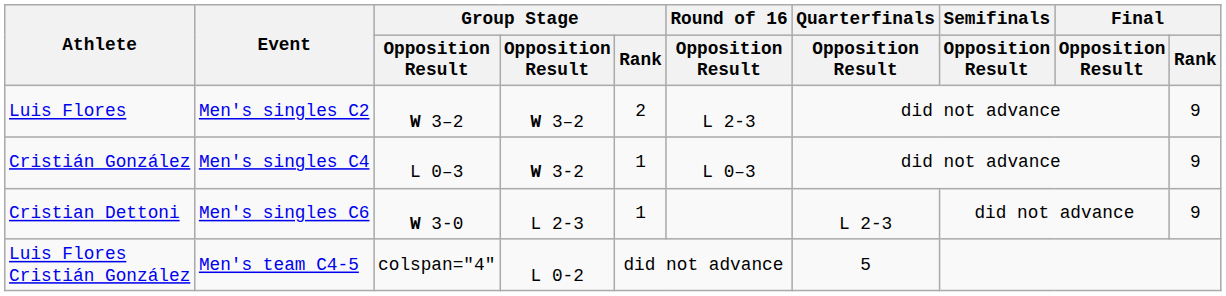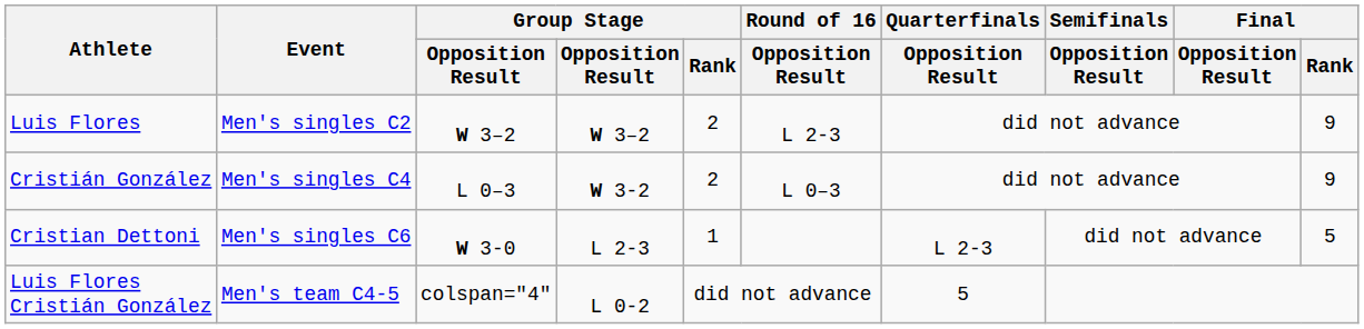 <table class=wikitable style="font-size:90%">
 <tr>
 <th rowspan="2">Athlete</th>
 <th rowspan="2">Event</th>
 <th colspan="3">Group Stage</th>
 <th>Round of 16</th>
 <th>Quarterfinals</th>
 <th>Semifinals</th>
 <th colspan="2">Final</th>
 </tr>
 <tr>
 <th>Opposition<br>Result</th>
 <th>Opposition<br>Result</th>
 <th>Rank</th>
 <th>Opposition<br>Result</th>
 <th>Opposition<br>Result</th>
 <th>Opposition<br>Result</th>
 <th>Opposition<br>Result</th>
 <th>Rank</th>
 </tr>
 <tr align=center>
 <td align=left><a href='#'>Luis Flores</a></td>
 <td align=left><a href='#'>Men's singles C2</a></td>
 <td><br><strong>W</strong> 3–2</td>
 <td><br><strong>W</strong> 3–2</td>
 <td>2</td>
 <td><br>L 2-3</td>
 <td colspan="3">did not advance</td>
 <td>9</td>
 </tr>
 <tr align=center>
 <td align=left><a href='#'>Cristián González</a></td>
 <td align=left><a href='#'>Men's singles C4</a></td>
 <td><br>L 0–3</td>
 <td><br><strong>W</strong> 3-2</td>
-<td>1</td>
+<td>2</td>
 <td><br>L 0–3</td>
 <td colspan="3">did not advance</td>
 <td>9</td>
 </tr>
 <tr align=center>
 <td align=left><a href='#'>Cristian Dettoni</a></td>
 <td align=left><a href='#'>Men's singles C6</a></td>
 <td><br><strong>W</strong> 3-0</td>
 <td><br>L 2-3</td>
 <td>1</td>
 <td></td>
 <td><br>L 2-3</td>
 <td colspan="2">did not advance</td>
-<td>9</td>
+<td>5</td>
 </tr>
 <tr align=center>
 <td align=left><a href='#'>Luis Flores</a><br><a href='#'>Cristián González</a></td>
 <td align=left><a href='#'>Men's team C4-5</a></td>
 <td>colspan="4" </td>
 <td><br>L 0-2</td>
 <td colspan="2">did not advance</td>
 <td>5</td>
 </tr>
 </table>
